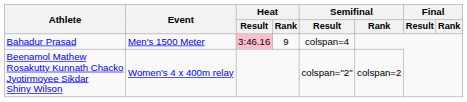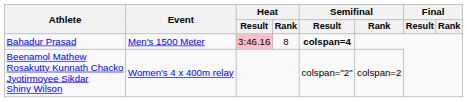 <table class="wikitable" style="font-size:90%">
 <tr>
 <th rowspan="2">Athlete</th>
 <th rowspan="2">Event</th>
 <th colspan="2">Heat</th>
 <th colspan=2>Semifinal</th>
 <th colspan="2">Final</th>
 </tr>
 <tr style="font-size:95%">
 <th>Result</th>
 <th>Rank</th>
 <th>Result</th>
 <th>Rank</th>
 <th>Result</th>
 <th>Rank</th>
 </tr>
 <tr align=center>
 <td align=left><a href='#'>Bahadur Prasad</a></td>
 <td align=left><a href='#'>Men's 1500 Meter</a></td>
 <td style="background: pink;">3:46.16</td>
-<td>9</td>
-<td>colspan=4</td>
+<td>8</td>
+<td><strong>colspan=4</strong></td>
 </tr>
 <tr align=center>
 <td align=left><a href='#'>Beenamol Mathew</a><br> <a href='#'>Rosakutty Kunnath Chacko</a><br> <a href='#'>Jyotirmoyee Sikdar</a><br> <a href='#'>Shiny Wilson</a></td>
 <td align=left><a href='#'>Women's 4 x 400m relay</a></td>
 <td colspan="2"></td>
 <td>colspan="2" </td>
 <td>colspan=2 </td>
 </tr>
 </table>
